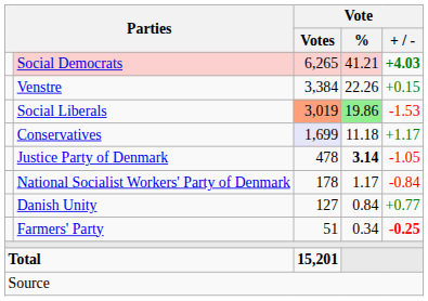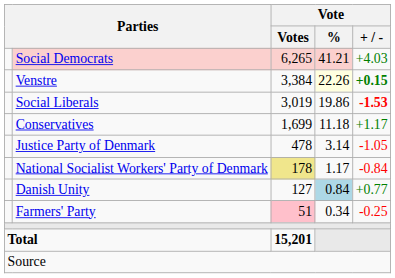 <table class="wikitable" style="text-align:right;">
 <tr>
 <th style="text-align:centre;" rowspan="2" colspan="2" width="225">Parties</th>
 <th colspan="3">Vote</th>
 </tr>
 <tr>
 <th width="15">Votes</th>
 <th width="15">%</th>
 <th width="15">+ / -</th>
 </tr>
 <tr>
 <td width="2" style="color:inherit;background:"></td>
 <td bgcolor=#fbd0ce  align="left"><a href='#'>Social Democrats</a></td>
 <td bgcolor=#fbd0ce>6,265</td>
 <td bgcolor=#fbd0ce>41.21</td>
-<td style=color:green;><strong>+4.03</strong></td>
+<td style=color:green;>+4.03</td>
 </tr>
 <tr>
 <td width="2" style="color:inherit;background:"></td>
 <td align="left"><a href='#'>Venstre</a></td>
 <td>3,384</td>
-<td>22.26</td>
-<td style=color:green;>+0.15</td>
+<td style="background: lightyellow;">22.26</td>
+<td style=color:green;><strong>+0.15</strong></td>
 </tr>
 <tr>
 <td width="2" style="color:inherit;background:"></td>
 <td align="left"><a href='#'>Social Liberals</a></td>
-<td style="background: lightsalmon;">3,019</td>
-<td style="background: lightgreen;">19.86</td>
-<td style=color:red;>-1.53</td>
+<td>3,019</td>
+<td>19.86</td>
+<td style=color:red;><strong>-1.53</strong></td>
 </tr>
 <tr>
 <td width="2" style="color:inherit;background:"></td>
 <td align="left"><a href='#'>Conservatives</a></td>
-<td style="background: lavender;">1,699</td>
+<td>1,699</td>
 <td>11.18</td>
 <td style=color:green;>+1.17</td>
 </tr>
 <tr>
 <td width="2" style="color:inherit;background:"></td>
 <td align="left"><a href='#'>Justice Party of Denmark</a></td>
 <td>478</td>
-<td><strong>3.14</strong></td>
+<td>3.14</td>
 <td style=color:red;>-1.05</td>
 </tr>
 <tr>
 <td width="2" style="color:inherit;background:"></td>
 <td align="left"><a href='#'>National Socialist Workers' Party of Denmark</a></td>
-<td>178</td>
+<td style="background: khaki;">178</td>
 <td>1.17</td>
 <td style=color:red;>-0.84</td>
 </tr>
 <tr>
 <td width="2" style="color:inherit;background:"></td>
 <td align="left"><a href='#'>Danish Unity</a></td>
 <td>127</td>
-<td>0.84</td>
+<td style="background: lightblue;">0.84</td>
 <td style=color:green;>+0.77</td>
 </tr>
 <tr>
 <td width="2" style="color:inherit;background:"></td>
 <td align="left"><a href='#'>Farmers' Party</a></td>
-<td>51</td>
+<td style="background: pink;">51</td>
 <td>0.34</td>
-<td style=color:red;><strong>-0.25</strong></td>
+<td style=color:red;>-0.25</td>
 </tr>
 <tr>
 <td colspan="7" bgcolor="#E9E9E9"></td>
 </tr>
 <tr>
 <td align="left" colspan="2"><strong>Total</strong></td>
 <td><strong>15,201</strong></td>
 <td bgcolor="#E9E9E9" colspan="2"></td>
 </tr>
 <tr>
 <td align="left" colspan="6">Source</td>
 </tr>
 </table>
